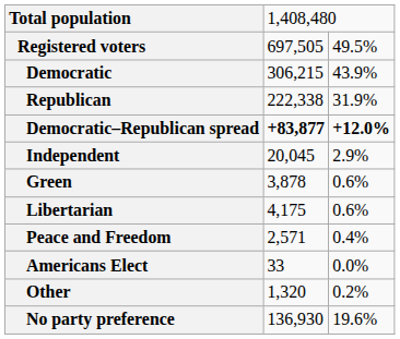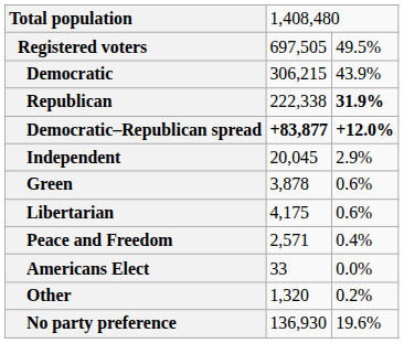 <table class="wikitable sortable mw-collapsible collapsible collapsed">
 <tr>
 <th scope="row" style="text-align: left;">Total population</th>
 <td colspan="2">1,408,480</td>
 </tr>
 <tr>
 <th scope="row" style="text-align: left;">  Registered voters</th>
 <td>697,505</td>
 <td>49.5%</td>
 </tr>
 <tr>
 <th scope="row" style="text-align: left;">    Democratic</th>
 <td>306,215</td>
 <td>43.9%</td>
 </tr>
 <tr>
 <th scope="row" style="text-align: left;">    Republican</th>
 <td>222,338</td>
-<td>31.9%</td>
+<td><strong>31.9%</strong></td>
 </tr>
 <tr>
 <th scope="row" style="text-align: left;">    Democratic–Republican spread</th>
 <td><span><strong>+83,877</strong></span></td>
 <td><span><strong>+12.0%</strong></span></td>
 </tr>
 <tr>
 <th scope="row" style="text-align: left;">    Independent</th>
 <td>20,045</td>
 <td>2.9%</td>
 </tr>
 <tr>
 <th scope="row" style="text-align: left;">    Green</th>
 <td>3,878</td>
 <td>0.6%</td>
 </tr>
 <tr>
 <th scope="row" style="text-align: left;">    Libertarian</th>
 <td>4,175</td>
 <td>0.6%</td>
 </tr>
 <tr>
 <th scope="row" style="text-align: left;">    Peace and Freedom</th>
 <td>2,571</td>
 <td>0.4%</td>
 </tr>
 <tr>
 <th scope="row" style="text-align: left;">    Americans Elect</th>
 <td>33</td>
 <td>0.0%</td>
 </tr>
 <tr>
 <th scope="row" style="text-align: left;">    Other</th>
 <td>1,320</td>
 <td>0.2%</td>
 </tr>
 <tr>
 <th scope="row" style="text-align: left;">    No party preference</th>
 <td>136,930</td>
 <td>19.6%</td>
 </tr>
 </table>
